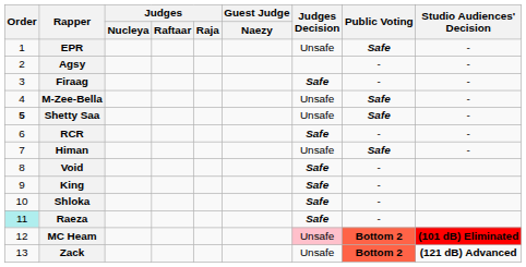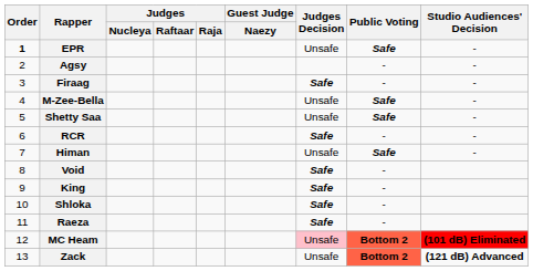 <table class="wikitable" style="text-align:center">
 <tr>
 <th rowspan="2">Order</th>
 <th rowspan="2">Rapper</th>
 <th colspan="3">Judges</th>
 <th>Guest Judge</th>
 <th rowspan="2">Judges<br>Decision</th>
 <th rowspan="2">Public Voting</th>
 <th rowspan="2">Studio Audiences'<br>Decision</th>
 </tr>
 <tr>
 <th>Nucleya</th>
 <th>Raftaar</th>
 <th>Raja</th>
 <th>Naezy</th>
 </tr>
 <tr>
-<td>1</td>
+<td><strong>1</strong></td>
 <th>EPR</th>
 <td></td>
 <td></td>
 <td></td>
 <td></td>
 <td>Unsafe</td>
 <td><strong><em>Safe</em></strong></td>
 <td>-</td>
 </tr>
 <tr>
 <td>2</td>
 <th>Agsy</th>
 <td></td>
 <td></td>
 <td></td>
 <td></td>
 <td><strong></strong></td>
 <td>-</td>
 <td>-</td>
 </tr>
 <tr>
 <td>3</td>
 <th>Firaag</th>
 <td></td>
 <td></td>
 <td></td>
 <td></td>
 <td><strong><em>Safe</em></strong></td>
 <td>-</td>
 <td>-</td>
 </tr>
 <tr>
 <td>4</td>
 <th>M-Zee-Bella</th>
 <td></td>
 <td></td>
 <td></td>
 <td></td>
 <td>Unsafe</td>
 <td><strong><em>Safe</em></strong></td>
 <td>-</td>
 </tr>
 <tr>
-<td><strong>5</strong></td>
+<td>5</td>
 <th>Shetty Saa</th>
 <td></td>
 <td></td>
 <td></td>
 <td></td>
 <td>Unsafe</td>
 <td><strong><em>Safe</em></strong></td>
 <td>-</td>
 </tr>
 <tr>
 <td>6</td>
 <th>RCR</th>
 <td></td>
 <td></td>
 <td></td>
 <td></td>
 <td><strong><em>Safe</em></strong></td>
 <td>-</td>
 <td>-</td>
 </tr>
 <tr>
 <td>7</td>
 <th>Himan</th>
 <td></td>
 <td></td>
 <td></td>
 <td></td>
 <td>Unsafe</td>
 <td><strong><em>Safe</em></strong></td>
 <td>-</td>
 </tr>
 <tr>
 <td>8</td>
 <th>Void</th>
 <td></td>
 <td></td>
 <td></td>
 <td></td>
 <td><strong><em>Safe</em></strong></td>
 <td>-</td>
 <td></td>
 </tr>
 <tr>
 <td>9</td>
 <th>King</th>
 <td></td>
 <td></td>
 <td></td>
 <td></td>
 <td><strong><em>Safe</em></strong></td>
 <td>-</td>
 <td></td>
 </tr>
 <tr>
 <td>10</td>
 <th>Shloka</th>
 <td></td>
 <td></td>
 <td></td>
 <td></td>
 <td><strong><em>Safe</em></strong></td>
 <td>-</td>
 <td></td>
 </tr>
 <tr>
-<td style="background: paleturquoise;">11</td>
+<td>11</td>
 <th>Raeza</th>
 <td></td>
 <td></td>
 <td></td>
 <td></td>
 <td><strong><em>Safe</em></strong></td>
 <td>-</td>
 <td></td>
 </tr>
 <tr>
 <td>12</td>
 <th>MC Heam</th>
 <td></td>
 <td></td>
 <td></td>
 <td></td>
 <td style="background: pink;">Unsafe</td>
 <td bgcolor="tomato"><strong>Bottom 2</strong></td>
 <td bgcolor="red"><strong>(101 dB) Eliminated</strong></td>
 </tr>
 <tr>
 <td>13</td>
 <th>Zack</th>
 <td></td>
 <td></td>
 <td></td>
 <td></td>
 <td>Unsafe</td>
 <td bgcolor="tomato"><strong>Bottom 2</strong></td>
 <td><strong>(121 dB) Advanced</strong></td>
 </tr>
 </table>
